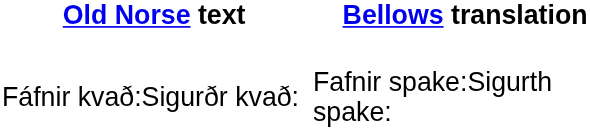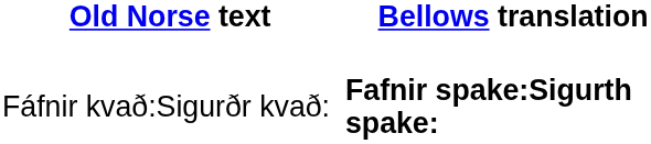 <table width="60%">
 <tr>
 <th width="30%"><a href='#'>Old Norse</a> text</th>
 <th width="30%"><a href='#'>Bellows</a> translation</th>
 </tr>
 <tr>
 <td><br>Fáfnir kvað:Sigurðr kvað:</td>
-<td><br>Fafnir spake:Sigurth spake:</td>
+<td><strong><br>Fafnir spake:Sigurth spake:</strong></td>
 </tr>
 </table>
